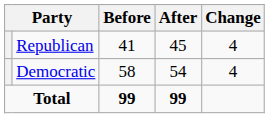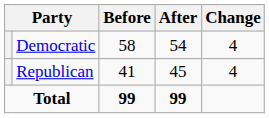 <table class="wikitable" style="text-align:center;">
 <tr>
 <th colspan="2">Party</th>
 <th>Before</th>
 <th>After</th>
 <th>Change</th>
 </tr>
 <tr>
 <th style="background-color:"></th>
-<td style="text-align:left;"><a href='#'>Republican</a></td>
-<td>41</td>
-<td>45</td>
+<td style="text-align:left;"><a href='#'>Democratic</a></td>
+<td>58</td>
+<td>54</td>
 <td> 4</td>
 </tr>
 <tr>
 <th style="background-color:"></th>
-<td style="text-align:left;"><a href='#'>Democratic</a></td>
-<td>58</td>
-<td>54</td>
+<td style="text-align:left;"><a href='#'>Republican</a></td>
+<td>41</td>
+<td>45</td>
 <td> 4</td>
 </tr>
 <tr>
 <td colspan="2"><strong>Total</strong></td>
 <td><strong>99</strong></td>
 <td><strong>99</strong></td>
 <td></td>
 </tr>
 </table>
